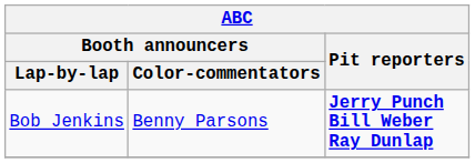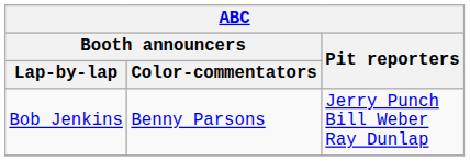 <table class="wikitable" style="font-size: 95%">
 <tr>
 <th colspan=3><a href='#'>ABC</a></th>
 </tr>
 <tr>
 <th colspan=2>Booth announcers</th>
 <th rowspan=2>Pit reporters</th>
 </tr>
 <tr>
 <th><strong>Lap-by-lap</strong></th>
 <th><strong>Color-commentators</strong></th>
 </tr>
 <tr>
 <td><a href='#'>Bob Jenkins</a></td>
 <td><a href='#'>Benny Parsons</a></td>
-<td><strong><a href='#'>Jerry Punch</a> <br> <a href='#'>Bill Weber</a> <br> <a href='#'>Ray Dunlap</a></strong></td>
+<td><a href='#'>Jerry Punch</a> <br> <a href='#'>Bill Weber</a> <br> <a href='#'>Ray Dunlap</a></td>
 </tr>
 <tr>
 </tr>
 </table>
